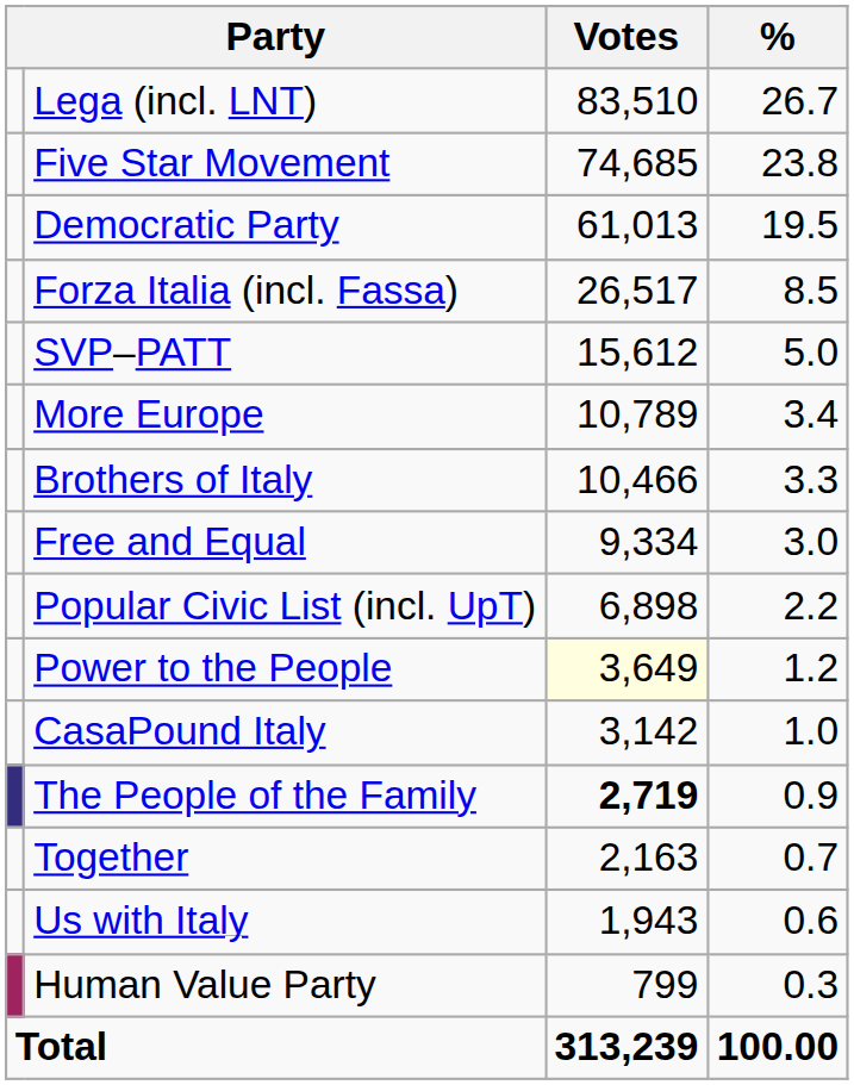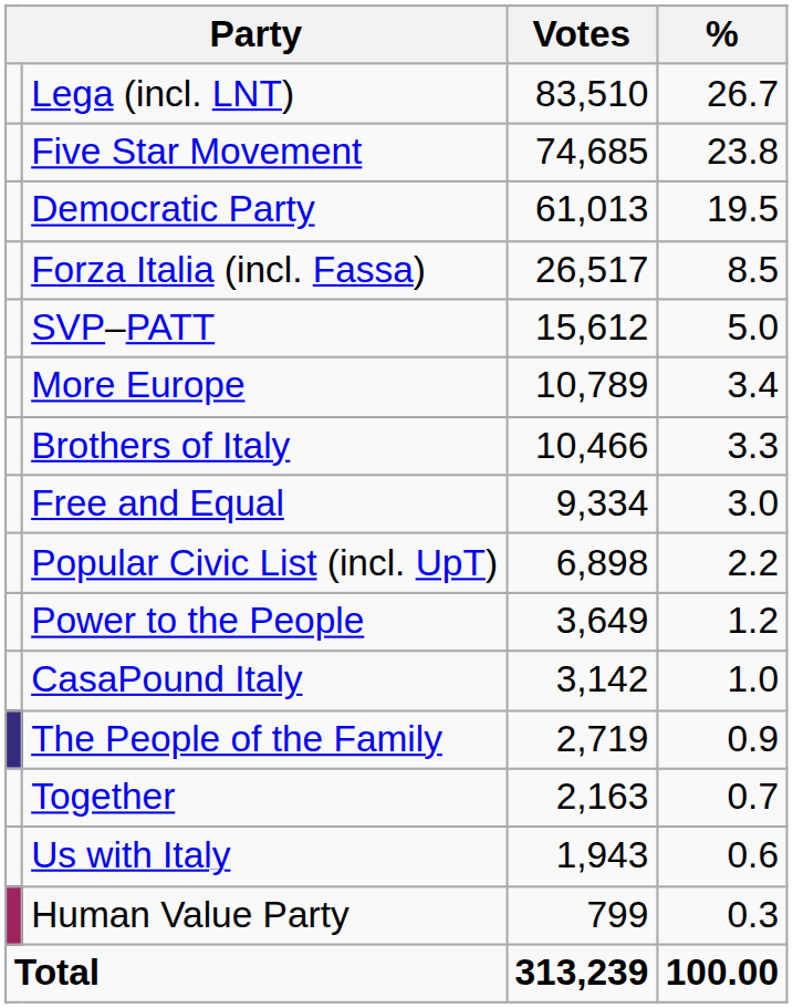 <table class="wikitable" style="text-align:right">
 <tr>
 <th colspan=2>Party</th>
 <th>Votes</th>
 <th>%</th>
 </tr>
 <tr>
 <td></td>
 <td style="text-align:left;"><a href='#'>Lega</a> (incl. <a href='#'>LNT</a>)</td>
 <td style="text-align:right;">83,510</td>
 <td style="text-align:right;">26.7</td>
 </tr>
 <tr>
 <td></td>
 <td style="text-align:left;"><a href='#'>Five Star Movement</a></td>
 <td style="text-align:right;">74,685</td>
 <td style="text-align:right;">23.8</td>
 </tr>
 <tr>
 <td></td>
 <td style="text-align:left;"><a href='#'>Democratic Party</a></td>
 <td style="text-align:right;">61,013</td>
 <td style="text-align:right;">19.5</td>
 </tr>
 <tr>
 <td></td>
 <td style="text-align:left;"><a href='#'>Forza Italia</a> (incl. <a href='#'>Fassa</a>)</td>
 <td style="text-align:right;">26,517</td>
 <td style="text-align:right;">8.5</td>
 </tr>
 <tr>
 <td></td>
 <td style="text-align:left;"><a href='#'>SVP</a>–<a href='#'>PATT</a></td>
 <td style="text-align:right;">15,612</td>
 <td style="text-align:right;">5.0</td>
 </tr>
 <tr>
 <td></td>
 <td style="text-align:left;"><a href='#'>More Europe</a></td>
 <td style="text-align:right;">10,789</td>
 <td style="text-align:right;">3.4</td>
 </tr>
 <tr>
 <td></td>
 <td style="text-align:left;"><a href='#'>Brothers of Italy</a></td>
 <td style="text-align:right;">10,466</td>
 <td style="text-align:right;">3.3</td>
 </tr>
 <tr>
 <td></td>
 <td style="text-align:left;"><a href='#'>Free and Equal</a></td>
 <td style="text-align:right;">9,334</td>
 <td style="text-align:right;">3.0</td>
 </tr>
 <tr>
 <td></td>
 <td style="text-align:left;"><a href='#'>Popular Civic List</a> (incl. <a href='#'>UpT</a>)</td>
 <td style="text-align:right;">6,898</td>
 <td style="text-align:right;">2.2</td>
 </tr>
 <tr>
 <td></td>
 <td style="text-align:left;"><a href='#'>Power to the People</a></td>
-<td style="background: lightyellow; text-align:right;">3,649</td>
+<td style="text-align:right;">3,649</td>
 <td style="text-align:right;">1.2</td>
 </tr>
 <tr>
 <td></td>
 <td style="text-align:left;"><a href='#'>CasaPound Italy</a></td>
 <td style="text-align:right;">3,142</td>
 <td style="text-align:right;">1.0</td>
 </tr>
 <tr>
 <td style="background:#342d7e;"></td>
 <td style="text-align:left;"><a href='#'>The People of the Family</a></td>
-<td style="text-align:right;"><strong>2,719</strong></td>
+<td style="text-align:right;">2,719</td>
 <td style="text-align:right;">0.9</td>
 </tr>
 <tr>
 <td></td>
 <td style="text-align:left;"><a href='#'>Together</a></td>
 <td style="text-align:right;">2,163</td>
 <td style="text-align:right;">0.7</td>
 </tr>
 <tr>
 <td></td>
 <td style="text-align:left;"><a href='#'>Us with Italy</a></td>
 <td style="text-align:right;">1,943</td>
 <td style="text-align:right;">0.6</td>
 </tr>
 <tr>
 <td style="background:#9F235F;"></td>
 <td style="text-align:left;">Human Value Party</td>
 <td style="text-align:right;">799</td>
 <td style="text-align:right;">0.3</td>
 </tr>
 <tr>
 <td style="text-align:left;" colspan="2"><strong>Total</strong></td>
 <td style="text-align:right;"><strong>313,239</strong></td>
 <td style="text-align:right;"><strong>100.00</strong></td>
 </tr>
 </table>
